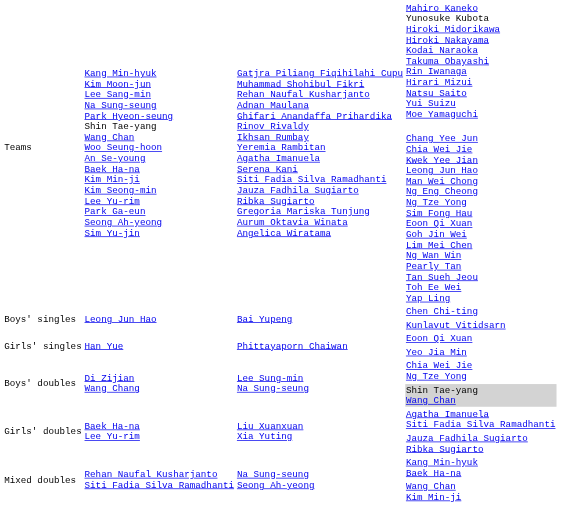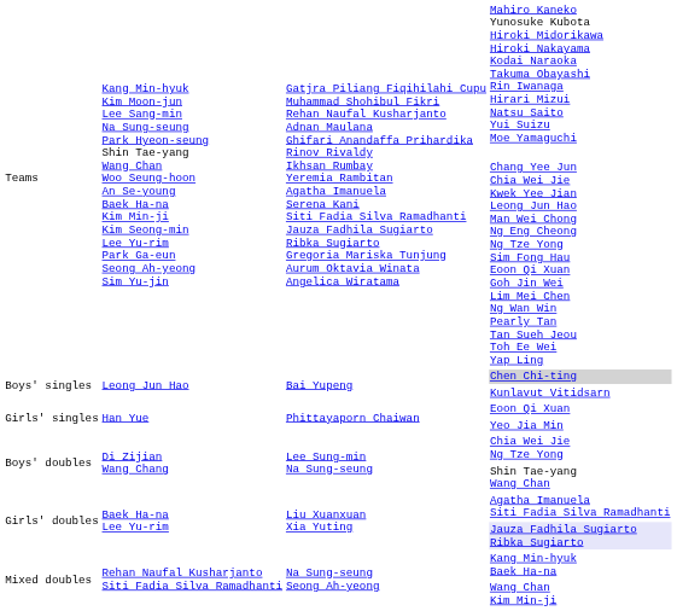 <table>
 <tr>
 <td rowspan=2>Teams<br></td>
 <td rowspan=2> <br> <a href='#'>Kang Min-hyuk</a><br><a href='#'>Kim Moon-jun</a><br><a href='#'>Lee Sang-min</a><br><a href='#'>Na Sung-seung</a><br><a href='#'>Park Hyeon-seung</a><br>Shin Tae-yang<br><a href='#'>Wang Chan</a><br><a href='#'>Woo Seung-hoon</a><br><a href='#'>An Se-young</a><br><a href='#'>Baek Ha-na</a><br><a href='#'>Kim Min-ji</a><br><a href='#'>Kim Seong-min</a><br><a href='#'>Lee Yu-rim</a><br><a href='#'>Park Ga-eun</a><br><a href='#'>Seong Ah-yeong</a><br><a href='#'>Sim Yu-jin</a></td>
 <td rowspan=2> <br> <a href='#'>Gatjra Piliang Fiqihilahi Cupu</a><br><a href='#'>Muhammad Shohibul Fikri</a><br><a href='#'>Rehan Naufal Kusharjanto</a><br><a href='#'>Adnan Maulana</a><br><a href='#'>Ghifari Anandaffa Prihardika</a><br><a href='#'>Rinov Rivaldy</a><br><a href='#'>Ikhsan Rumbay</a><br><a href='#'>Yeremia Rambitan</a><br><a href='#'>Agatha Imanuela</a><br><a href='#'>Serena Kani</a><br><a href='#'>Siti Fadia Silva Ramadhanti</a><br><a href='#'>Jauza Fadhila Sugiarto</a><br><a href='#'>Ribka Sugiarto</a><br><a href='#'>Gregoria Mariska Tunjung</a><br><a href='#'>Aurum Oktavia Winata</a><br><a href='#'>Angelica Wiratama</a></td>
 <td> <br> <a href='#'>Mahiro Kaneko</a><br>Yunosuke Kubota<br><a href='#'>Hiroki Midorikawa</a><br><a href='#'>Hiroki Nakayama</a><br><a href='#'>Kodai Naraoka</a><br><a href='#'>Takuma Obayashi</a><br><a href='#'>Rin Iwanaga</a><br><a href='#'>Hirari Mizui</a><br><a href='#'>Natsu Saito</a><br><a href='#'>Yui Suizu</a><br><a href='#'>Moe Yamaguchi</a></td>
 </tr>
 <tr>
 <td> <br> <a href='#'>Chang Yee Jun</a><br><a href='#'>Chia Wei Jie</a><br><a href='#'>Kwek Yee Jian</a><br><a href='#'>Leong Jun Hao</a><br><a href='#'>Man Wei Chong</a><br><a href='#'>Ng Eng Cheong</a><br><a href='#'>Ng Tze Yong</a><br><a href='#'>Sim Fong Hau</a><br><a href='#'>Eoon Qi Xuan</a><br><a href='#'>Goh Jin Wei</a><br><a href='#'>Lim Mei Chen</a><br><a href='#'>Ng Wan Win</a><br><a href='#'>Pearly Tan</a><br><a href='#'>Tan Sueh Jeou</a><br><a href='#'>Toh Ee Wei</a><br><a href='#'>Yap Ling</a></td>
 </tr>
 <tr>
 <td rowspan=2>Boys' singles<br></td>
 <td rowspan=2> <a href='#'>Leong Jun Hao</a></td>
 <td rowspan=2> <a href='#'>Bai Yupeng</a></td>
-<td> <a href='#'>Chen Chi-ting</a></td>
+<td style="background: lightgrey;"> <a href='#'>Chen Chi-ting</a></td>
 </tr>
 <tr>
 <td> <a href='#'>Kunlavut Vitidsarn</a></td>
 </tr>
 <tr>
 <td rowspan=2>Girls' singles<br></td>
 <td rowspan=2> <a href='#'>Han Yue</a></td>
 <td rowspan=2> <a href='#'>Phittayaporn Chaiwan</a></td>
 <td> <a href='#'>Eoon Qi Xuan</a></td>
 </tr>
 <tr>
 <td> <a href='#'>Yeo Jia Min</a></td>
 </tr>
 <tr>
 <td rowspan=2>Boys' doubles<br></td>
 <td rowspan=2> <a href='#'>Di Zijian</a><br> <a href='#'>Wang Chang</a></td>
 <td rowspan=2> <a href='#'>Lee Sung-min</a><br> <a href='#'>Na Sung-seung</a></td>
 <td> <a href='#'>Chia Wei Jie</a><br> <a href='#'>Ng Tze Yong</a></td>
 </tr>
 <tr>
-<td style="background: lightgrey;"> Shin Tae-yang<br> <a href='#'>Wang Chan</a></td>
+<td> Shin Tae-yang<br> <a href='#'>Wang Chan</a></td>
 </tr>
 <tr>
 <td rowspan=2>Girls' doubles<br></td>
 <td rowspan=2> <a href='#'>Baek Ha-na</a><br> <a href='#'>Lee Yu-rim</a></td>
 <td rowspan=2> <a href='#'>Liu Xuanxuan</a><br> <a href='#'>Xia Yuting</a></td>
 <td> <a href='#'>Agatha Imanuela</a><br> <a href='#'>Siti Fadia Silva Ramadhanti</a></td>
 </tr>
 <tr>
-<td> <a href='#'>Jauza Fadhila Sugiarto</a><br> <a href='#'>Ribka Sugiarto</a></td>
+<td style="background: lavender;"> <a href='#'>Jauza Fadhila Sugiarto</a><br> <a href='#'>Ribka Sugiarto</a></td>
 </tr>
 <tr>
 <td rowspan=2>Mixed doubles<br></td>
 <td rowspan=2> <a href='#'>Rehan Naufal Kusharjanto</a><br> <a href='#'>Siti Fadia Silva Ramadhanti</a></td>
 <td rowspan=2> <a href='#'>Na Sung-seung</a><br> <a href='#'>Seong Ah-yeong</a></td>
 <td> <a href='#'>Kang Min-hyuk</a><br> <a href='#'>Baek Ha-na</a></td>
 </tr>
 <tr>
 <td> <a href='#'>Wang Chan</a><br> <a href='#'>Kim Min-ji</a></td>
 </tr>
 <tr>
 </tr>
 </table>
